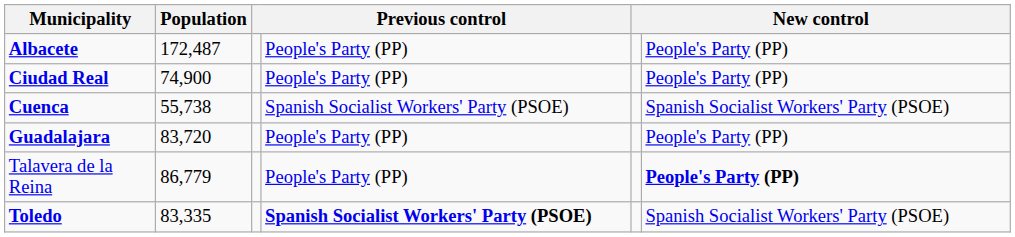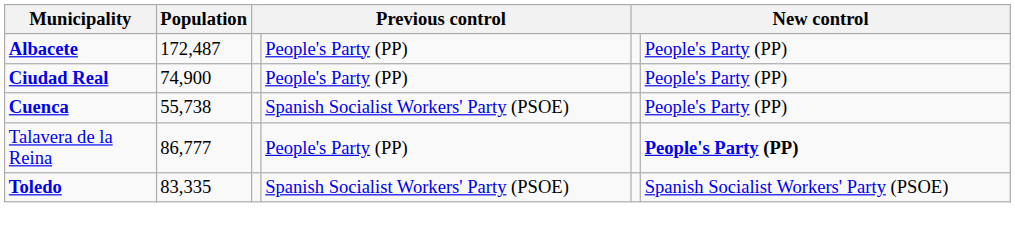 <table class="wikitable sortable">
 <tr>
 <th>Municipality</th>
 <th>Population</th>
 <th colspan="2" style="width:375px;">Previous control</th>
 <th colspan="2" style="width:375px;">New control</th>
 </tr>
 <tr>
 <td><strong><a href='#'>Albacete</a></strong></td>
 <td>172,487</td>
 <td width="1" style="color:inherit;background:"></td>
 <td><a href='#'>People's Party</a> (PP)</td>
 <td width="1" style="color:inherit;background:"></td>
 <td><a href='#'>People's Party</a> (PP)</td>
 </tr>
 <tr>
 <td><strong><a href='#'>Ciudad Real</a></strong></td>
 <td>74,900</td>
 <td style="color:inherit;background:"></td>
 <td><a href='#'>People's Party</a> (PP)</td>
 <td style="color:inherit;background:"></td>
 <td><a href='#'>People's Party</a> (PP)</td>
 </tr>
 <tr>
 <td><strong><a href='#'>Cuenca</a></strong></td>
 <td>55,738</td>
 <td style="color:inherit;background:"></td>
 <td><a href='#'>Spanish Socialist Workers' Party</a> (PSOE)</td>
 <td style="color:inherit;background:"></td>
-<td><a href='#'>Spanish Socialist Workers' Party</a> (PSOE)</td>
-</tr>
-<tr>
-<td><strong><a href='#'>Guadalajara</a></strong></td>
-<td>83,720</td>
-<td style="color:inherit;background:"></td>
-<td><a href='#'>People's Party</a> (PP)</td>
-<td style="color:inherit;background:"></td>
 <td><a href='#'>People's Party</a> (PP)</td>
 </tr>
 <tr>
 <td><a href='#'>Talavera de la Reina</a></td>
-<td>86,779</td>
+<td>86,777</td>
 <td style="color:inherit;background:"></td>
 <td><a href='#'>People's Party</a> (PP)</td>
 <td style="color:inherit;background:"></td>
 <td><strong><a href='#'>People's Party</a> (PP)</strong></td>
 </tr>
 <tr>
 <td><strong><a href='#'>Toledo</a></strong></td>
 <td>83,335</td>
 <td style="color:inherit;background:"></td>
-<td><strong><a href='#'>Spanish Socialist Workers' Party</a> (PSOE)</strong></td>
+<td><a href='#'>Spanish Socialist Workers' Party</a> (PSOE)</td>
 <td style="color:inherit;background:"></td>
 <td><a href='#'>Spanish Socialist Workers' Party</a> (PSOE)</td>
 </tr>
 </table>
